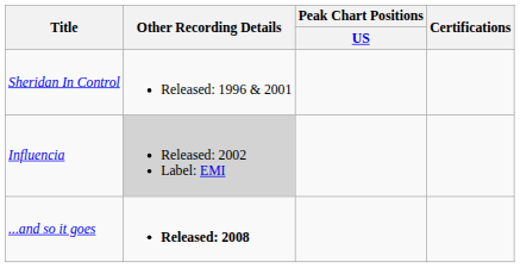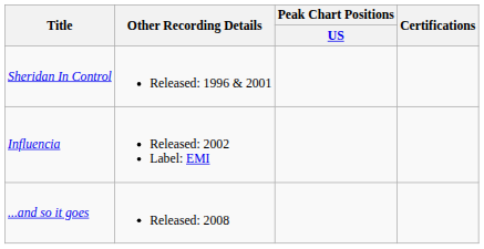 <table class="wikitable">
 <tr>
 <th rowspan="2">Title</th>
 <th rowspan="2">Other Recording Details</th>
 <th>Peak Chart Positions</th>
 <th rowspan="2">Certifications</th>
 </tr>
 <tr>
 <th><a href='#'>US</a></th>
 </tr>
 <tr>
 <td><em><a href='#'>Sheridan In Control</a></em></td>
 <td><br><ul><li>Released: 1996 & 2001</li></ul></td>
 <td></td>
 <td></td>
 </tr>
 <tr>
 <td><em><a href='#'>Influencia</a></em></td>
-<td style="background: lightgrey;"><br><ul><li>Released: 2002</li><li>Label: <a href='#'>EMI</a></li></ul></td>
+<td><br><ul><li>Released: 2002</li><li>Label: <a href='#'>EMI</a></li></ul></td>
 <td></td>
 <td></td>
 </tr>
 <tr>
 <td><em><a href='#'>...and so it goes</a></em></td>
-<td><strong><br><ul><li>Released: 2008</li></ul></strong></td>
+<td><br><ul><li>Released: 2008</li></ul></td>
 <td></td>
 <td></td>
 </tr>
 </table>
